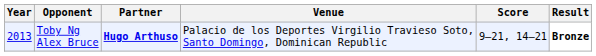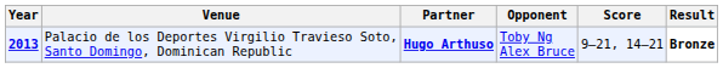 <table class="sortable wikitable" style="font-size: 90%;">
 <tr>
 <th>Year</th>
+<th>Venue</th>
+<th>Partner</th>
 <th>Opponent</th>
-<th>Partner</th>
-<th>Venue</th>
 <th>Score</th>
 <th>Result</th>
 </tr>
 <tr style="background:#ECF2FF">
-<td align="center"><a href='#'>2013</a></td>
+<td align="center"><strong><a href='#'>2013</a></strong></td>
+<td align="left">Palacio de los Deportes Virgilio Travieso Soto,<br><a href='#'>Santo Domingo</a>, Dominican Republic</td>
+<td align="left"><strong> <a href='#'>Hugo Arthuso</a></strong></td>
 <td align="left"> <a href='#'>Toby Ng</a><br> <a href='#'>Alex Bruce</a></td>
-<td align="left"><strong> <a href='#'>Hugo Arthuso</a></strong></td>
-<td align="left">Palacio de los Deportes Virgilio Travieso Soto,<br><a href='#'>Santo Domingo</a>, Dominican Republic</td>
 <td align="left">9–21, 14–21</td>
 <td style="text-align:left; background:white"> <strong>Bronze</strong></td>
 </tr>
 </table>
